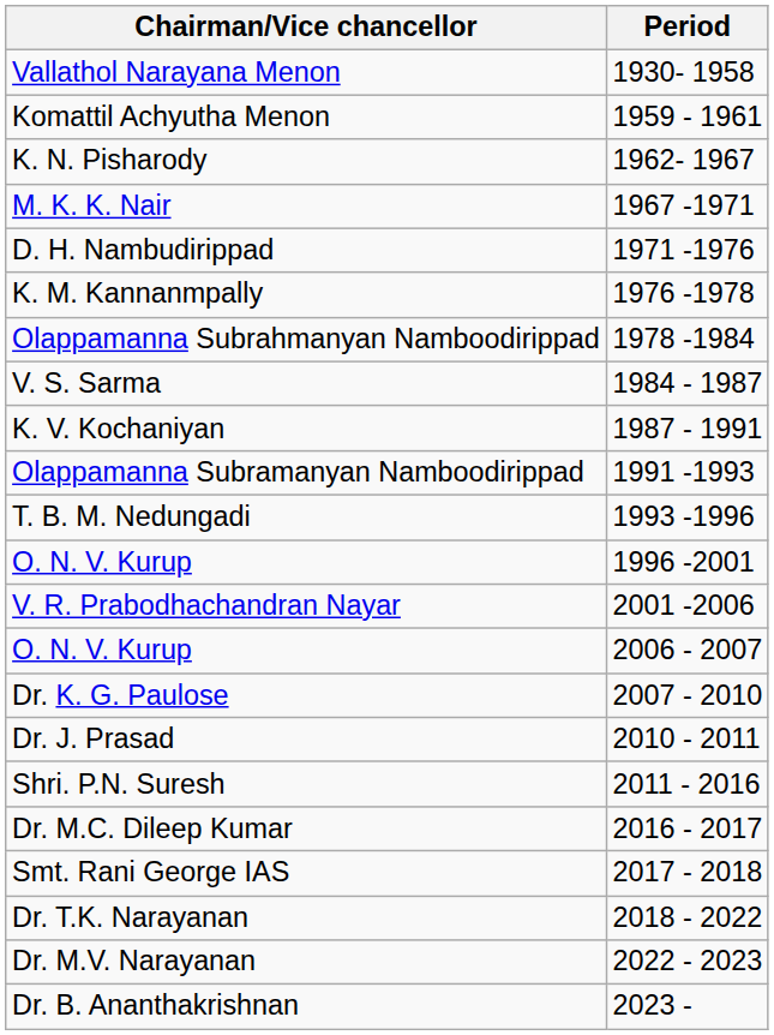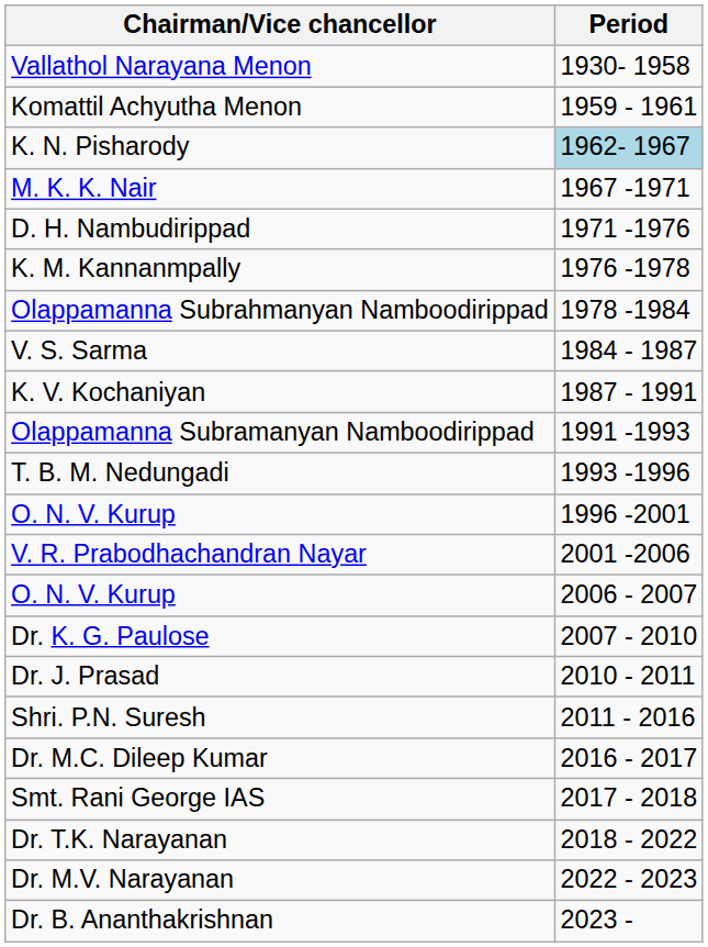 <table class="wikitable">
 <tr>
 <th>Chairman/Vice chancellor</th>
 <th>Period</th>
 </tr>
 <tr>
 <td><a href='#'>Vallathol Narayana Menon</a></td>
 <td>1930- 1958</td>
 </tr>
 <tr>
 <td>Komattil Achyutha Menon</td>
 <td>1959 - 1961</td>
 </tr>
 <tr>
 <td>K. N. Pisharody</td>
-<td>1962- 1967</td>
+<td style="background: lightblue;">1962- 1967</td>
 </tr>
 <tr>
 <td><a href='#'>M. K. K. Nair</a></td>
 <td>1967 -1971</td>
 </tr>
 <tr>
 <td>D. H. Nambudirippad</td>
 <td>1971 -1976</td>
 </tr>
 <tr>
 <td>K. M. Kannanmpally</td>
 <td>1976 -1978</td>
 </tr>
 <tr>
 <td><a href='#'>Olappamanna</a> Subrahmanyan Namboodirippad</td>
 <td>1978 -1984</td>
 </tr>
 <tr>
 <td>V. S. Sarma</td>
 <td>1984 - 1987</td>
 </tr>
 <tr>
 <td>K. V. Kochaniyan</td>
 <td>1987 - 1991</td>
 </tr>
 <tr>
 <td><a href='#'>Olappamanna</a> Subramanyan Namboodirippad</td>
 <td>1991 -1993</td>
 </tr>
 <tr>
 <td>T. B. M. Nedungadi</td>
 <td>1993 -1996</td>
 </tr>
 <tr>
 <td><a href='#'>O. N. V. Kurup</a></td>
 <td>1996 -2001</td>
 </tr>
 <tr>
 <td><a href='#'>V. R. Prabodhachandran Nayar</a></td>
 <td>2001 -2006</td>
 </tr>
 <tr>
 <td><a href='#'>O. N. V. Kurup</a></td>
 <td>2006 - 2007</td>
 </tr>
 <tr>
 <td>Dr. <a href='#'>K. G. Paulose</a></td>
 <td>2007 - 2010</td>
 </tr>
 <tr>
 <td>Dr. J. Prasad</td>
 <td>2010 - 2011</td>
 </tr>
 <tr>
 <td>Shri. P.N. Suresh</td>
 <td>2011 - 2016</td>
 </tr>
 <tr>
 <td>Dr. M.C. Dileep Kumar</td>
 <td>2016 - 2017</td>
 </tr>
 <tr>
 <td>Smt. Rani George IAS</td>
 <td>2017 - 2018</td>
 </tr>
 <tr>
 <td>Dr. T.K. Narayanan</td>
 <td>2018 - 2022</td>
 </tr>
 <tr>
 <td>Dr. M.V. Narayanan</td>
 <td>2022 - 2023</td>
 </tr>
 <tr>
 <td>Dr. B. Ananthakrishnan</td>
 <td>2023 -</td>
 </tr>
 </table>
